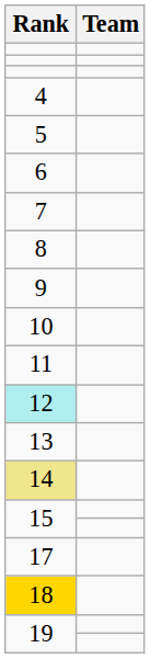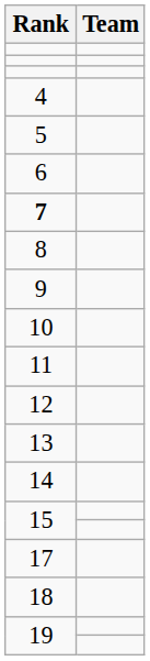 <table class="wikitable" style="text-align:center;">
 <tr>
 <th width=40>Rank</th>
 <th>Team</th>
 </tr>
 <tr>
 <td></td>
 <td style="text-align:left;"></td>
 </tr>
 <tr>
 <td></td>
 <td style="text-align:left;"></td>
 </tr>
 <tr>
 <td></td>
 <td style="text-align:left;"></td>
 </tr>
 <tr>
 <td>4</td>
 <td style="text-align:left;"></td>
 </tr>
 <tr>
 <td>5</td>
 <td style="text-align:left;"></td>
 </tr>
 <tr>
 <td>6</td>
 <td style="text-align:left;"></td>
 </tr>
 <tr>
-<td>7</td>
+<td><strong>7</strong></td>
 <td style="text-align:left;"></td>
 </tr>
 <tr>
 <td>8</td>
 <td style="text-align:left;"></td>
 </tr>
 <tr>
 <td>9</td>
 <td style="text-align:left;"></td>
 </tr>
 <tr>
 <td>10</td>
 <td style="text-align:left;"></td>
 </tr>
 <tr>
 <td>11</td>
 <td style="text-align:left;"></td>
 </tr>
 <tr>
-<td style="background: paleturquoise;">12</td>
+<td>12</td>
 <td style="text-align:left;"></td>
 </tr>
 <tr>
 <td>13</td>
 <td style="text-align:left;"></td>
 </tr>
 <tr>
-<td style="background: khaki;">14</td>
+<td>14</td>
 <td style="text-align:left;"></td>
 </tr>
 <tr>
 <td rowspan=2>15</td>
 <td style="text-align:left;"></td>
 </tr>
 <tr>
 <td style="text-align:left;"></td>
 </tr>
 <tr>
 <td>17</td>
 <td style="text-align:left;"></td>
 </tr>
 <tr>
-<td style="background: gold;">18</td>
+<td>18</td>
 <td style="text-align:left;"></td>
 </tr>
 <tr>
 <td rowspan=2>19</td>
 <td style="text-align:left;"></td>
 </tr>
 <tr>
 <td style="text-align:left;"></td>
 </tr>
 </table>
